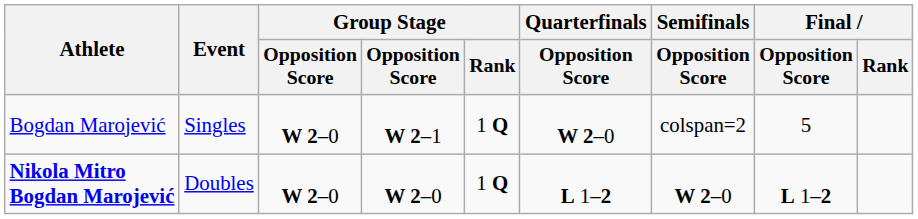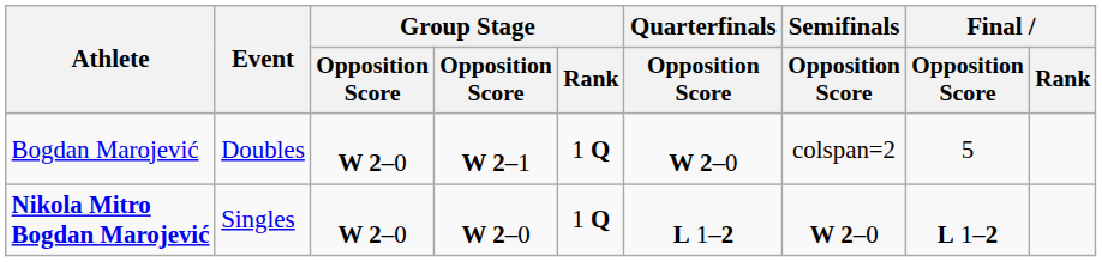 <table class=wikitable style="font-size:90%">
 <tr>
 <th rowspan="2">Athlete</th>
 <th rowspan="2">Event</th>
 <th colspan=3>Group Stage</th>
 <th>Quarterfinals</th>
 <th>Semifinals</th>
 <th colspan=2>Final / </th>
 </tr>
 <tr style="font-size:95%">
 <th>Opposition<br>Score</th>
 <th>Opposition<br>Score</th>
 <th>Rank</th>
 <th>Opposition<br>Score</th>
 <th>Opposition<br>Score</th>
 <th>Opposition<br>Score</th>
 <th>Rank</th>
 </tr>
 <tr align=center>
 <td align=left><a href='#'>Bogdan Marojević</a></td>
-<td align=left><a href='#'>Singles</a></td>
+<td align=left><a href='#'>Doubles</a></td>
 <td><br><strong>W 2</strong>–0</td>
 <td><br><strong>W 2</strong>–1</td>
 <td>1 <strong>Q</strong></td>
 <td><br><strong>W 2</strong>–0</td>
 <td>colspan=2 </td>
 <td>5</td>
 </tr>
 <tr align=center>
 <td align=left><strong><a href='#'>Nikola Mitro</a><br><a href='#'>Bogdan Marojević</a></strong></td>
-<td align=left><a href='#'>Doubles</a></td>
+<td align=left><a href='#'>Singles</a></td>
 <td><br><strong>W 2</strong>–0</td>
 <td><br><strong>W 2</strong>–0</td>
 <td>1 <strong>Q</strong></td>
 <td><br><strong>L</strong> 1–<strong>2</strong></td>
 <td><br><strong>W 2</strong>–0</td>
 <td><br><strong>L</strong> 1–<strong>2</strong></td>
 <td></td>
 </tr>
 </table>
